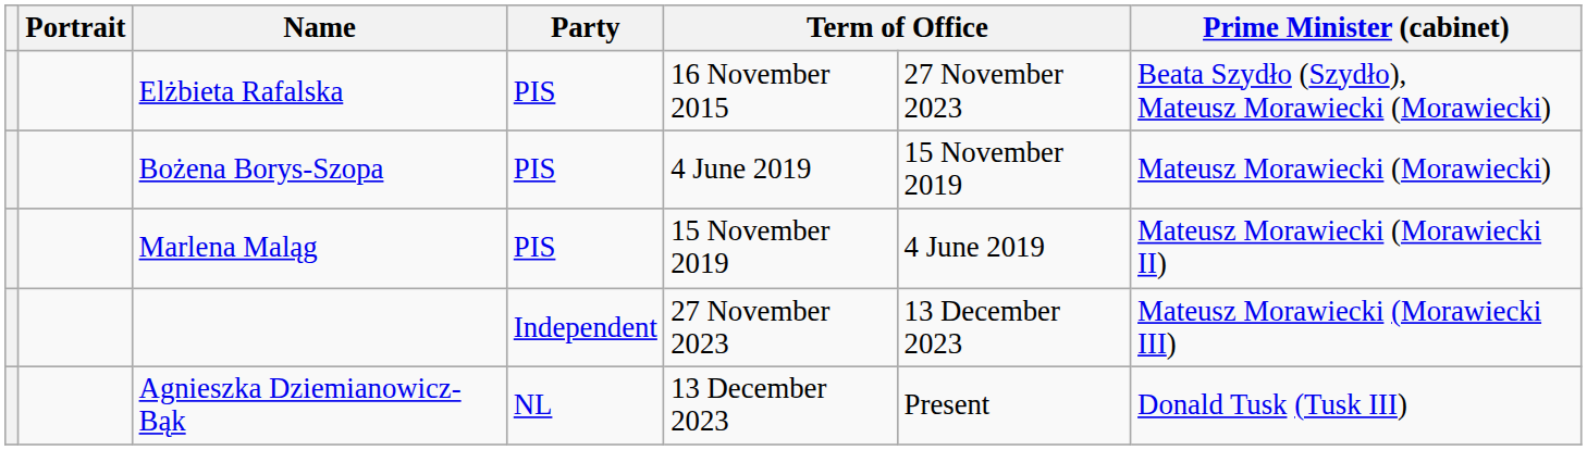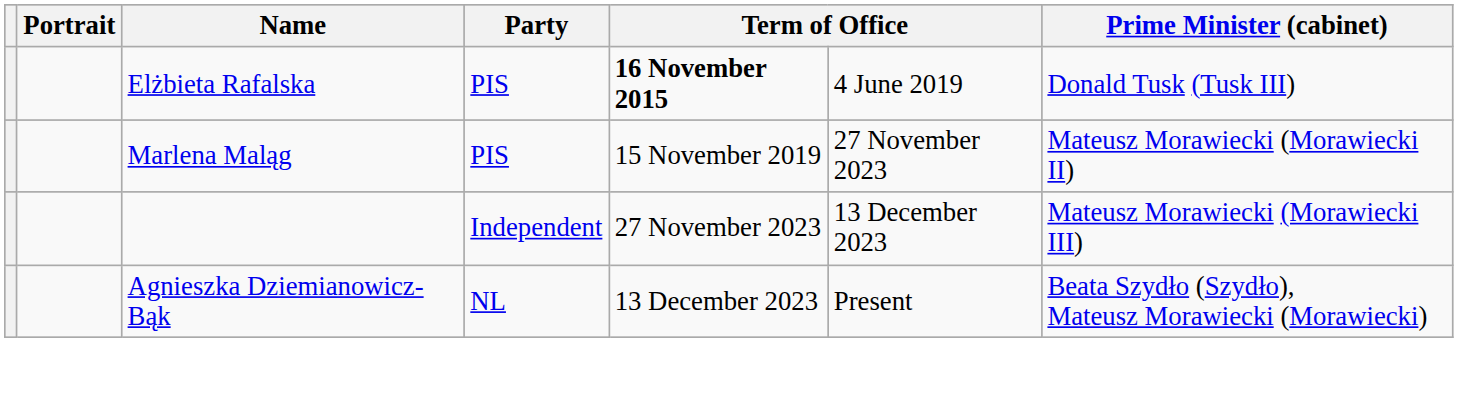 <table class="wikitable">
 <tr>
 <th></th>
 <th>Portrait</th>
 <th>Name</th>
 <th>Party</th>
 <th colspan="2">Term of Office</th>
 <th><a href='#'>Prime Minister</a> (cabinet)</th>
 </tr>
 <tr>
 <th style="background:"></th>
 <td></td>
 <td><a href='#'>Elżbieta Rafalska</a></td>
 <td><a href='#'>PIS</a></td>
-<td>16 November 2015</td>
-<td>27 November 2023</td>
-<td><a href='#'>Beata Szydło</a> (<a href='#'>Szydło</a>),<br><a href='#'>Mateusz Morawiecki</a> (<a href='#'>Morawiecki</a>)</td>
-</tr>
-<tr>
-<th style="background:"></th>
-<td></td>
-<td><a href='#'>Bożena Borys-Szopa</a></td>
-<td><a href='#'>PIS</a></td>
+<td><strong>16 November 2015</strong></td>
 <td>4 June 2019</td>
-<td>15 November 2019</td>
-<td><a href='#'>Mateusz Morawiecki</a> (<a href='#'>Morawiecki</a>)</td>
+<td><a href='#'>Donald Tusk</a> <a href='#'>(Tusk III</a>)</td>
 </tr>
 <tr>
 <th style="background:"></th>
 <td></td>
 <td><a href='#'>Marlena Maląg</a></td>
 <td><a href='#'>PIS</a></td>
 <td>15 November 2019</td>
-<td>4 June 2019</td>
+<td>27 November 2023</td>
 <td><a href='#'>Mateusz Morawiecki</a> (<a href='#'>Morawiecki II</a>)</td>
 </tr>
 <tr>
 <th style="background:"></th>
 <td></td>
 <td></td>
 <td><a href='#'>Independent</a></td>
 <td>27 November 2023</td>
 <td>13 December 2023</td>
 <td><a href='#'>Mateusz Morawiecki</a> <a href='#'>(Morawiecki III</a>)</td>
 </tr>
 <tr>
 <th style="background:"></th>
 <td></td>
 <td><a href='#'>Agnieszka Dziemianowicz-Bąk</a></td>
 <td><a href='#'>NL</a></td>
 <td>13 December 2023</td>
 <td>Present</td>
-<td><a href='#'>Donald Tusk</a> <a href='#'>(Tusk III</a>)</td>
+<td><a href='#'>Beata Szydło</a> (<a href='#'>Szydło</a>),<br><a href='#'>Mateusz Morawiecki</a> (<a href='#'>Morawiecki</a>)</td>
 </tr>
 </table>
